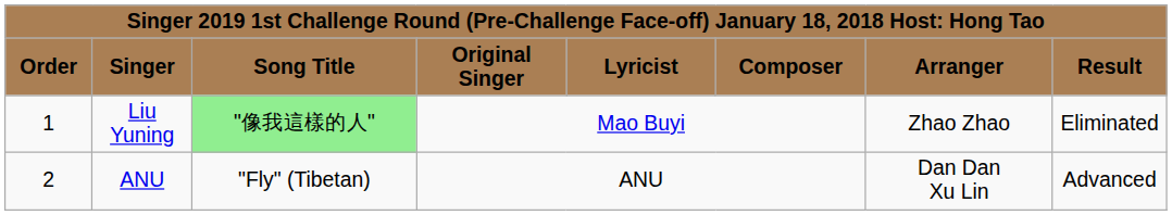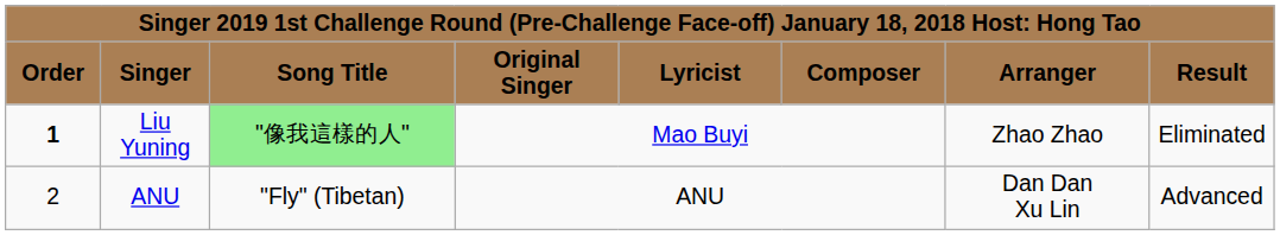 <table class="wikitable sortable mw-collapsible" width="100%" style="text-align:center">
 <tr align=center style="background:#AA7F54">
 <td colspan="9"><div><strong>Singer 2019 1st Challenge Round (Pre-Challenge Face-off) January 18, 2018 Host: Hong Tao</strong></div></td>
 </tr>
 <tr style="background:#AA7F54">
 <td style="width:7%"><strong>Order</strong></td>
 <td style="width:8%"><strong>Singer</strong></td>
 <td style="width:18%"><strong>Song Title</strong></td>
 <td style="width:12%"><strong>Original Singer</strong></td>
 <td style="width:12% "><strong>Lyricist</strong></td>
 <td style="width:12%"><strong>Composer</strong></td>
 <td style="width:15%"><strong>Arranger</strong></td>
 <td style="width:7%"><strong>Result</strong></td>
 </tr>
 <tr>
-<td>1</td>
+<td><strong>1</strong></td>
 <td><a href='#'>Liu Yuning</a></td>
 <td style="background: lightgreen;">"像我這樣的人"</td>
 <td colspan="3"><a href='#'>Mao Buyi</a></td>
 <td>Zhao Zhao</td>
 <td>Eliminated</td>
 </tr>
 <tr>
 <td>2</td>
 <td><a href='#'>ANU</a></td>
 <td>"Fly" (Tibetan)</td>
 <td colspan="3">ANU</td>
 <td>Dan Dan<br>Xu Lin</td>
 <td>Advanced</td>
 </tr>
 </table>
